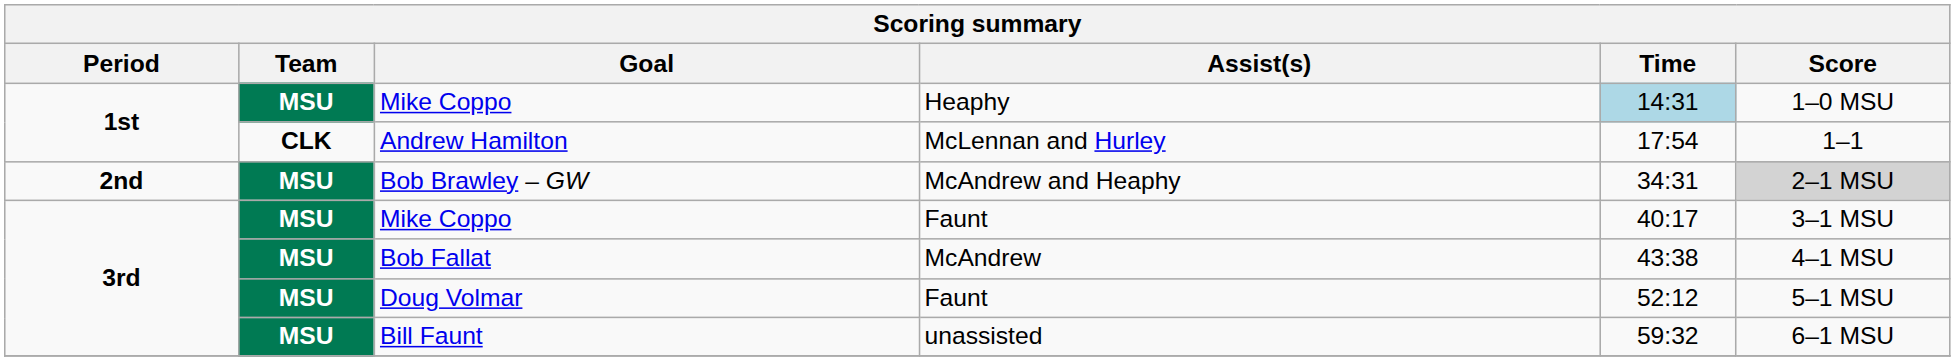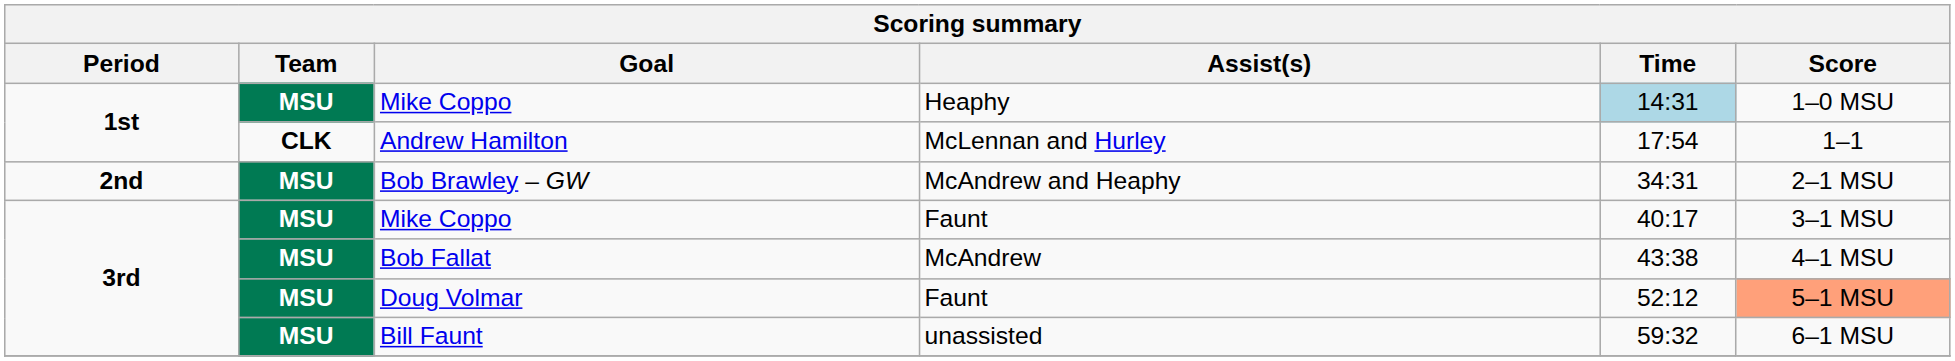 <table style="width:100%;" class="wikitable">
 <tr>
 <th colspan=6>Scoring summary</th>
 </tr>
 <tr>
 <th style="width:12%;">Period</th>
 <th style="width:7%;">Team</th>
 <th style="width:28%;">Goal</th>
 <th style="width:35%;">Assist(s)</th>
 <th style="width:7%;">Time</th>
 <th style="width:11%;">Score</th>
 </tr>
 <tr>
 <td style="text-align:center;" rowspan="2"><strong>1st</strong></td>
 <td align=center style="color:white; background:#007A53"><strong>MSU</strong></td>
 <td><a href='#'>Mike Coppo</a></td>
 <td>Heaphy</td>
 <td align=center style="background: lightblue;">14:31</td>
 <td align=center>1–0 MSU</td>
 </tr>
 <tr>
 <td align=center><strong>CLK</strong></td>
 <td><a href='#'>Andrew Hamilton</a></td>
 <td>McLennan and <a href='#'>Hurley</a></td>
 <td align=center>17:54</td>
 <td align=center>1–1</td>
 </tr>
 <tr>
 <td style="text-align:center;" rowspan="1"><strong>2nd</strong></td>
 <td align=center style="color:white; background:#007A53"><strong>MSU</strong></td>
 <td><a href='#'>Bob Brawley</a> – <em>GW</em></td>
 <td>McAndrew and Heaphy</td>
 <td align=center>34:31</td>
-<td align=center style="background: lightgrey;">2–1 MSU</td>
+<td align=center>2–1 MSU</td>
 </tr>
 <tr>
 <td style="text-align:center;" rowspan="4"><strong>3rd</strong></td>
 <td align=center style="color:white; background:#007A53"><strong>MSU</strong></td>
 <td><a href='#'>Mike Coppo</a></td>
 <td>Faunt</td>
 <td align=center>40:17</td>
 <td align=center>3–1 MSU</td>
 </tr>
 <tr>
 <td align=center style="color:white; background:#007A53"><strong>MSU</strong></td>
 <td><a href='#'>Bob Fallat</a></td>
 <td>McAndrew</td>
 <td align=center>43:38</td>
 <td align=center>4–1 MSU</td>
 </tr>
 <tr>
 <td align=center style="color:white; background:#007A53"><strong>MSU</strong></td>
 <td><a href='#'>Doug Volmar</a></td>
 <td>Faunt</td>
 <td align=center>52:12</td>
-<td align=center>5–1 MSU</td>
+<td align=center style="background: lightsalmon;">5–1 MSU</td>
 </tr>
 <tr>
 <td align=center style="color:white; background:#007A53"><strong>MSU</strong></td>
 <td><a href='#'>Bill Faunt</a></td>
 <td>unassisted</td>
 <td align=center>59:32</td>
 <td align=center>6–1 MSU</td>
 </tr>
 <tr>
 </tr>
 </table>
